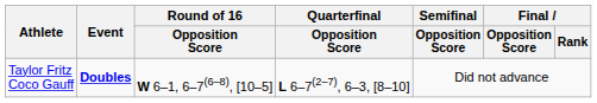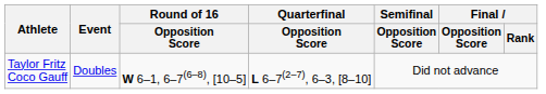 <table class=wikitable style=font-size:90%>
 <tr>
 <th rowspan=2>Athlete</th>
 <th rowspan=2>Event</th>
 <th>Round of 16</th>
 <th>Quarterfinal</th>
 <th>Semifinal</th>
 <th colspan=2>Final / </th>
 </tr>
 <tr style=font-size:95%>
 <th>Opposition<br>Score</th>
 <th>Opposition<br>Score</th>
 <th>Opposition<br>Score</th>
 <th>Opposition<br>Score</th>
 <th>Rank</th>
 </tr>
 <tr align=center>
 <td align=left><a href='#'>Taylor Fritz</a><br><a href='#'>Coco Gauff</a></td>
-<td align=left><strong><a href='#'>Doubles</a></strong></td>
+<td align=left><a href='#'>Doubles</a></td>
 <td><br><strong>W</strong> 6–1, 6–7<sup>(6–8)</sup>, [10–5]</td>
 <td><br><strong>L</strong> 6–7<sup>(2–7)</sup>, 6–3, [8–10]</td>
 <td colspan=3>Did not advance</td>
 </tr>
 </table>
